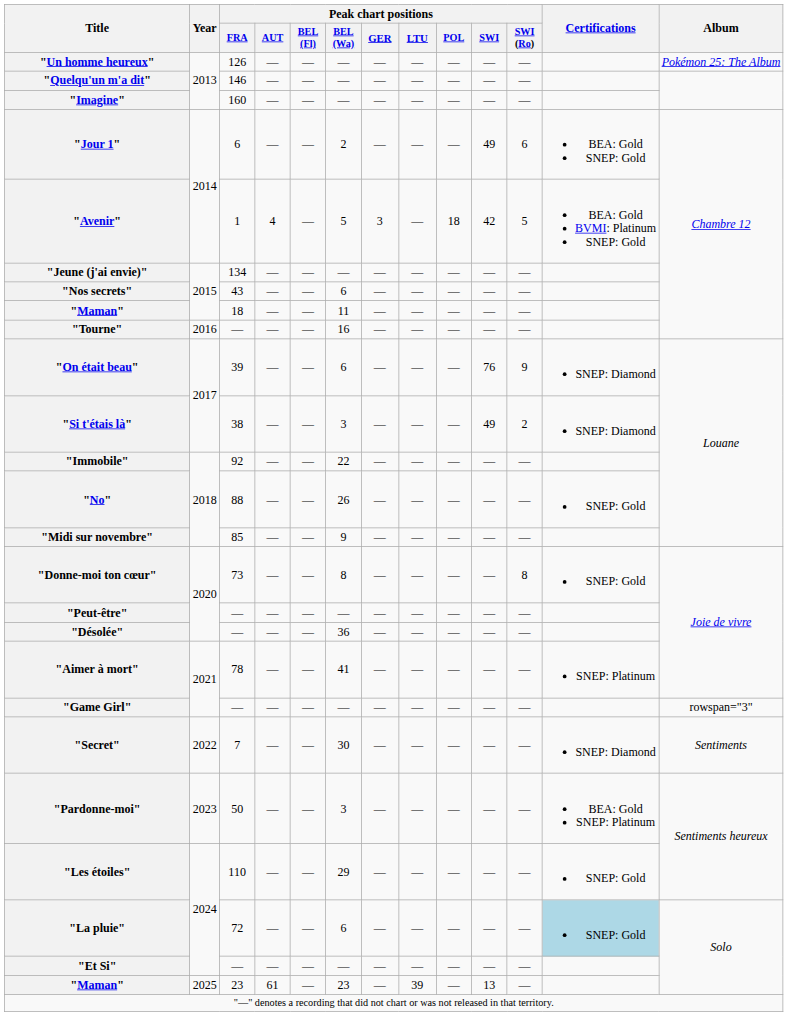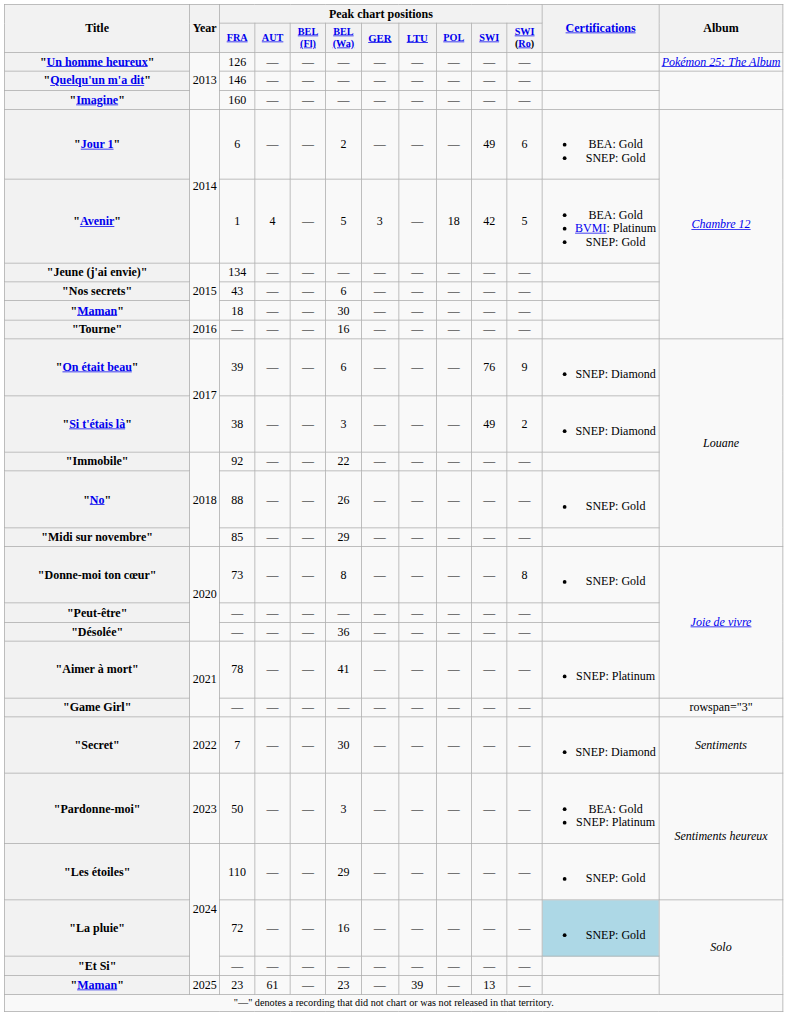 <table class="wikitable plainrowheaders" style="text-align:center;" border="1">
 <tr>
 <th scope="col" rowspan="2" style="width:15em;">Title</th>
 <th scope="col" rowspan="2" style="width:1em;">Year</th>
 <th scope="col" colspan="9">Peak chart positions</th>
 <th scope="col" rowspan="2"><a href='#'>Certifications</a></th>
 <th scope="col" rowspan="2">Album</th>
 </tr>
 <tr>
 <th scope="col" style="width:3em;font-size:85%;"><a href='#'>FRA</a><br></th>
 <th scope="col" style="width:3em;font-size:85%;"><a href='#'>AUT</a><br></th>
 <th scope="col" style="width:3em;font-size:85%;"><a href='#'>BEL<br>(Fl)</a><br></th>
 <th scope="col" style="width:3em;font-size:85%;"><a href='#'>BEL<br>(Wa)</a><br></th>
 <th scope="col" style="width:3em;font-size:90%;"><a href='#'>GER</a><br></th>
 <th scope="col" style="width:3em;font-size:90%;"><a href='#'>LTU</a><br></th>
 <th scope="col" style="width:3em;font-size:85%;"><a href='#'>POL</a><br></th>
 <th scope="col" style="width:3em;font-size:85%;"><a href='#'>SWI</a><br></th>
 <th scope="col" style="width:3em;font-size:85%;"><a href='#'>SWI</a><br>(<a href='#'>Ro</a>)<br></th>
 </tr>
 <tr>
 <th scope="row">"<a href='#'>Un homme heureux</a>"</th>
 <td rowspan="3">2013</td>
 <td>126</td>
 <td>—</td>
 <td>—</td>
 <td>—</td>
 <td>—</td>
 <td>—</td>
 <td>—</td>
 <td>—</td>
 <td>—</td>
 <td></td>
 <td><em><a href='#'>Pokémon 25: The Album</a></em></td>
 </tr>
 <tr>
 <th scope="row">"<a href='#'>Quelqu'un m'a dit</a>"</th>
 <td>146</td>
 <td>—</td>
 <td>—</td>
 <td>—</td>
 <td>—</td>
 <td>—</td>
 <td>—</td>
 <td>—</td>
 <td>—</td>
 <td></td>
 </tr>
 <tr>
 <th scope="row">"<a href='#'>Imagine</a>"</th>
 <td>160</td>
 <td>—</td>
 <td>—</td>
 <td>—</td>
 <td>—</td>
 <td>—</td>
 <td>—</td>
 <td>—</td>
 <td>—</td>
 <td></td>
 </tr>
 <tr>
 <th scope="row">"<a href='#'>Jour 1</a>"</th>
 <td rowspan="2">2014</td>
 <td>6</td>
 <td>—</td>
 <td>—</td>
 <td>2</td>
 <td>—</td>
 <td>—</td>
 <td>—</td>
 <td>49</td>
 <td>6</td>
 <td><br><ul><li>BEA: Gold</li><li>SNEP: Gold</li></ul></td>
 <td rowspan="6"><em><a href='#'>Chambre 12</a></em></td>
 </tr>
 <tr>
 <th scope="row">"<a href='#'>Avenir</a>"</th>
 <td>1</td>
 <td>4</td>
 <td>—</td>
 <td>5</td>
 <td>3</td>
 <td>—</td>
 <td>18</td>
 <td>42</td>
 <td>5</td>
 <td><br><ul><li>BEA: Gold</li><li><a href='#'>BVMI</a>: Platinum</li><li>SNEP: Gold</li></ul></td>
 </tr>
 <tr>
 <th scope="row">"Jeune (j'ai envie)"</th>
 <td rowspan="3">2015</td>
 <td>134</td>
 <td>—</td>
 <td>—</td>
 <td>—</td>
 <td>—</td>
 <td>—</td>
 <td>—</td>
 <td>—</td>
 <td>—</td>
 <td></td>
 </tr>
 <tr>
 <th scope="row">"Nos secrets"</th>
 <td>43</td>
 <td>—</td>
 <td>—</td>
 <td>6</td>
 <td>—</td>
 <td>—</td>
 <td>—</td>
 <td>—</td>
 <td>—</td>
 <td></td>
 </tr>
 <tr>
 <th scope="row">"<a href='#'>Maman</a>"</th>
 <td>18</td>
 <td>—</td>
 <td>—</td>
-<td>11</td>
+<td>30</td>
 <td>—</td>
 <td>—</td>
 <td>—</td>
 <td>—</td>
 <td>—</td>
 <td></td>
 </tr>
 <tr>
 <th scope="row">"Tourne"</th>
 <td>2016</td>
 <td>—</td>
 <td>—</td>
 <td>—</td>
 <td>16</td>
 <td>—</td>
 <td>—</td>
 <td>—</td>
 <td>—</td>
 <td>—</td>
 <td></td>
 </tr>
 <tr>
 <th scope="row">"<a href='#'>On était beau</a>"</th>
 <td rowspan="2">2017</td>
 <td>39</td>
 <td>—</td>
 <td>—</td>
 <td>6</td>
 <td>—</td>
 <td>—</td>
 <td>—</td>
 <td>76</td>
 <td>9</td>
 <td><br><ul><li>SNEP: Diamond</li></ul></td>
 <td rowspan="5"><em>Louane</em></td>
 </tr>
 <tr>
 <th scope="row">"<a href='#'>Si t'étais là</a>"</th>
 <td>38</td>
 <td>—</td>
 <td>—</td>
 <td>3</td>
 <td>—</td>
 <td>—</td>
 <td>—</td>
 <td>49</td>
 <td>2</td>
 <td><br><ul><li>SNEP: Diamond</li></ul></td>
 </tr>
 <tr>
 <th scope="row">"Immobile"</th>
 <td rowspan="3">2018</td>
 <td>92</td>
 <td>—</td>
 <td>—</td>
 <td>22</td>
 <td>—</td>
 <td>—</td>
 <td>—</td>
 <td>—</td>
 <td>—</td>
 <td></td>
 </tr>
 <tr>
 <th scope="row">"<a href='#'>No</a>"</th>
 <td>88</td>
 <td>—</td>
 <td>—</td>
 <td>26</td>
 <td>—</td>
 <td>—</td>
 <td>—</td>
 <td>—</td>
 <td>—</td>
 <td><br><ul><li>SNEP: Gold</li></ul></td>
 </tr>
 <tr>
 <th scope="row">"Midi sur novembre"<br></th>
 <td>85</td>
 <td>—</td>
 <td>—</td>
-<td>9</td>
+<td>29</td>
 <td>—</td>
 <td>—</td>
 <td>—</td>
 <td>—</td>
 <td>—</td>
 <td></td>
 </tr>
 <tr>
 <th scope="row">"Donne-moi ton cœur"</th>
 <td rowspan="3">2020</td>
 <td>73</td>
 <td>—</td>
 <td>—</td>
 <td>8</td>
 <td>—</td>
 <td>—</td>
 <td>—</td>
 <td>—</td>
 <td>8</td>
 <td><br><ul><li>SNEP: Gold</li></ul></td>
 <td rowspan="4"><em><a href='#'>Joie de vivre</a></em></td>
 </tr>
 <tr>
 <th scope="row">"Peut-être"</th>
 <td>—</td>
 <td>—</td>
 <td>—</td>
 <td>—</td>
 <td>—</td>
 <td>—</td>
 <td>—</td>
 <td>—</td>
 <td>—</td>
 <td></td>
 </tr>
 <tr>
 <th scope="row">"Désolée"</th>
 <td>—</td>
 <td>—</td>
 <td>—</td>
 <td>36</td>
 <td>—</td>
 <td>—</td>
 <td>—</td>
 <td>—</td>
 <td>—</td>
 <td></td>
 </tr>
 <tr>
 <th scope="row">"Aimer à mort"</th>
 <td rowspan="2">2021</td>
 <td>78</td>
 <td>—</td>
 <td>—</td>
 <td>41</td>
 <td>—</td>
 <td>—</td>
 <td>—</td>
 <td>—</td>
 <td>—</td>
 <td><br><ul><li>SNEP: Platinum</li></ul></td>
 </tr>
 <tr>
 <th scope="row">"Game Girl"</th>
 <td>—</td>
 <td>—</td>
 <td>—</td>
 <td>—</td>
 <td>—</td>
 <td>—</td>
 <td>—</td>
 <td>—</td>
 <td>—</td>
 <td></td>
 <td>rowspan="3" </td>
 </tr>
 <tr>
 <th scope="row">"Secret"</th>
 <td>2022</td>
 <td>7</td>
 <td>—</td>
 <td>—</td>
 <td>30</td>
 <td>—</td>
 <td>—</td>
 <td>—</td>
 <td>—</td>
 <td>—</td>
 <td><br><ul><li>SNEP: Diamond</li></ul></td>
 <td><em>Sentiments</em></td>
 </tr>
 <tr>
 <th scope="row">"Pardonne-moi"</th>
 <td>2023</td>
 <td>50</td>
 <td>—</td>
 <td>—</td>
 <td>3</td>
 <td>—</td>
 <td>—</td>
 <td>—</td>
 <td>—</td>
 <td>—</td>
 <td><br><ul><li>BEA: Gold</li><li>SNEP: Platinum</li></ul></td>
 <td rowspan="2"><em>Sentiments heureux</em></td>
 </tr>
 <tr>
 <th scope="row">"Les étoiles"</th>
 <td rowspan="3">2024</td>
 <td>110</td>
 <td>—</td>
 <td>—</td>
 <td>29</td>
 <td>—</td>
 <td>—</td>
 <td>—</td>
 <td>—</td>
 <td>—</td>
 <td><br><ul><li>SNEP: Gold</li></ul></td>
 </tr>
 <tr>
 <th scope="row">"La pluie"</th>
 <td>72</td>
 <td>—</td>
 <td>—</td>
-<td>6</td>
+<td>16</td>
 <td>—</td>
 <td>—</td>
 <td>—</td>
 <td>—</td>
 <td>—</td>
 <td style="background: lightblue;"><br><ul><li>SNEP: Gold</li></ul></td>
 <td rowspan="3"><em>Solo</em></td>
 </tr>
 <tr>
 <th scope="row">"Et Si"</th>
 <td>—</td>
 <td>—</td>
 <td>—</td>
 <td>—</td>
 <td>—</td>
 <td>—</td>
 <td>—</td>
 <td>—</td>
 <td>—</td>
 <td></td>
 </tr>
 <tr>
 <th scope="row">"<a href='#'>Maman</a>"</th>
 <td>2025</td>
 <td>23</td>
 <td>61</td>
 <td>—</td>
 <td>23</td>
 <td>—</td>
 <td>39</td>
 <td>—</td>
 <td>13</td>
 <td>—</td>
 <td></td>
 </tr>
 <tr>
 <td colspan="20" style="font-size:85%">"—" denotes a recording that did not chart or was not released in that territory.</td>
 </tr>
 </table>
